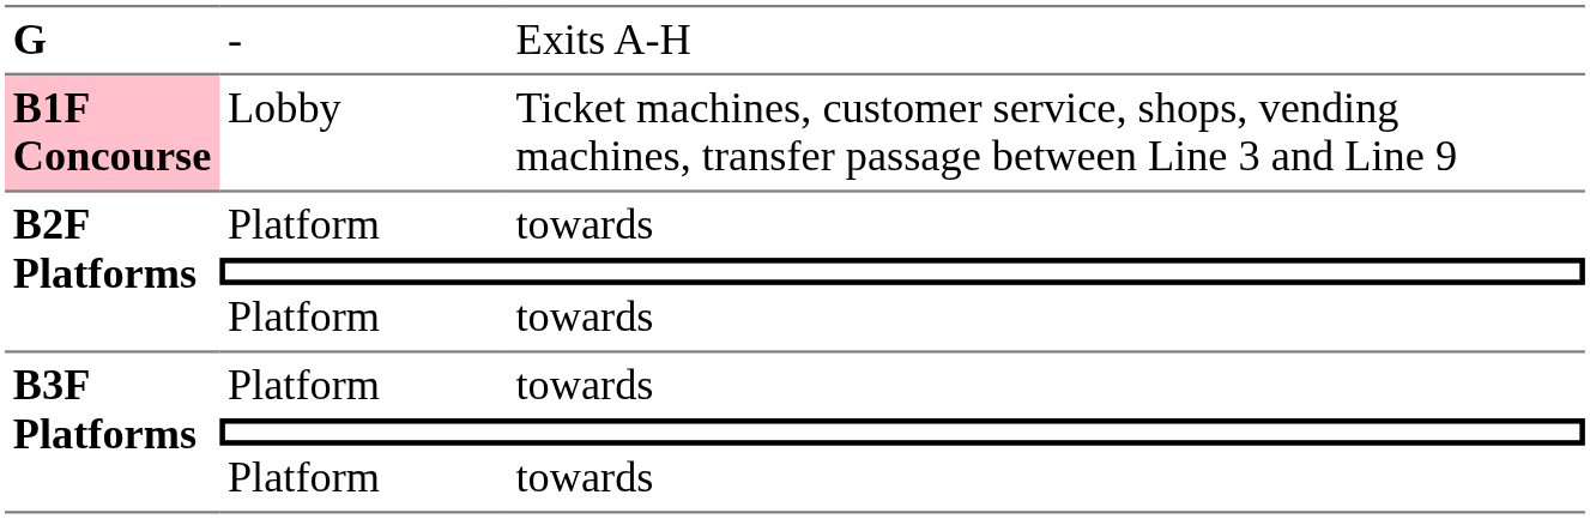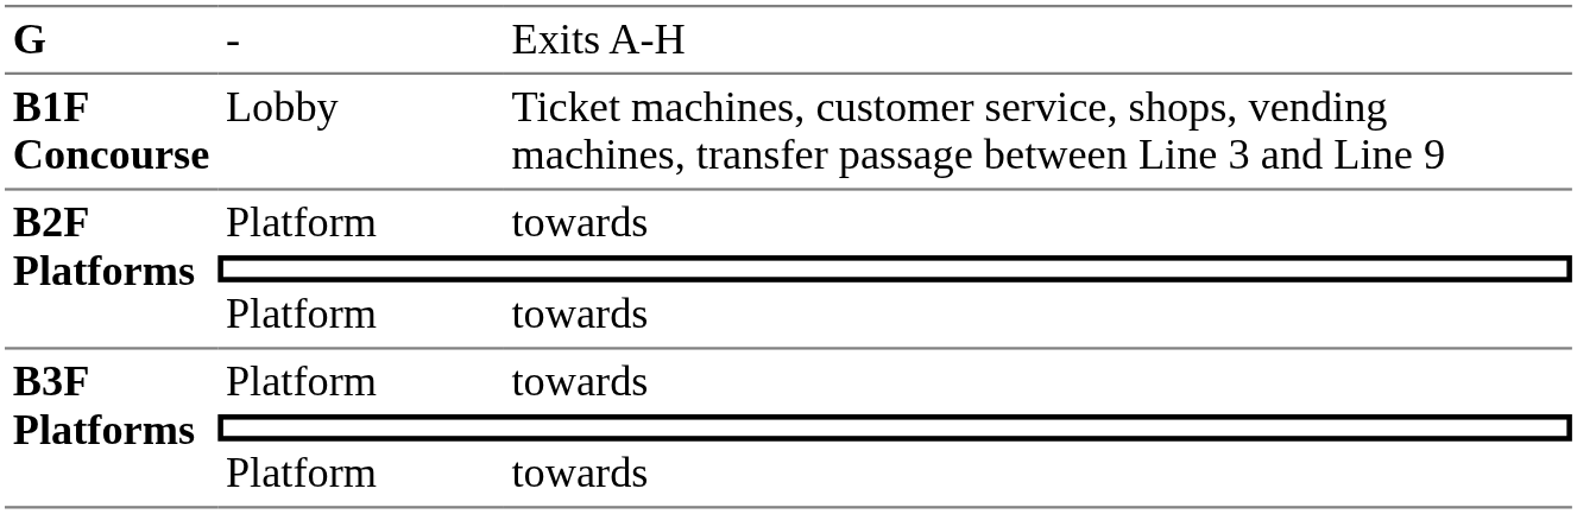 <table table border=0 cellspacing=0 cellpadding=3>
 <tr>
 <td style="border-top:solid 1px gray;" width=50 valign=top><strong>G</strong></td>
 <td style="border-top:solid 1px gray;" width=100 valign=top>-</td>
 <td style="border-top:solid 1px gray;" width=390 valign=top>Exits A-H</td>
 </tr>
 <tr>
-<td style="background: pink; border-bottom:solid 1px gray; border-top:solid 1px gray;" valign=top width=50><strong>B1F<br>Concourse</strong></td>
+<td style="border-bottom:solid 1px gray; border-top:solid 1px gray;" valign=top width=50><strong>B1F<br>Concourse</strong></td>
 <td style="border-bottom:solid 1px gray; border-top:solid 1px gray;" valign=top width=100>Lobby</td>
 <td style="border-bottom:solid 1px gray; border-top:solid 1px gray;" valign=top width=390>Ticket machines, customer service, shops, vending machines, transfer passage between Line 3 and Line 9</td>
 </tr>
 <tr>
 <td style="border-bottom:solid 1px gray;" rowspan=3 valign=top><strong>B2F<br> Platforms</strong></td>
 <td>Platform</td>
 <td>  towards  </td>
 </tr>
 <tr>
 <td style="border-right:solid 2px black;border-left:solid 2px black;border-top:solid 2px black;border-bottom:solid 2px black;text-align:center;" colspan=2></td>
 </tr>
 <tr>
 <td style="border-bottom:solid 1px gray;">Platform</td>
 <td style="border-bottom:solid 1px gray;">  towards   </td>
 </tr>
 <tr>
 <td style="border-bottom:solid 1px gray;" rowspan=4 valign=top><strong>B3F<br> Platforms</strong></td>
 <td>Platform</td>
 <td>  towards  </td>
 </tr>
 <tr>
 <td style="border-right:solid 2px black;border-left:solid 2px black;border-top:solid 2px black;border-bottom:solid 2px black;text-align:center;" colspan=2></td>
 </tr>
 <tr>
 <td style="border-bottom:solid 1px gray;">Platform</td>
 <td style="border-bottom:solid 1px gray;">  towards   </td>
 </tr>
 </table>
